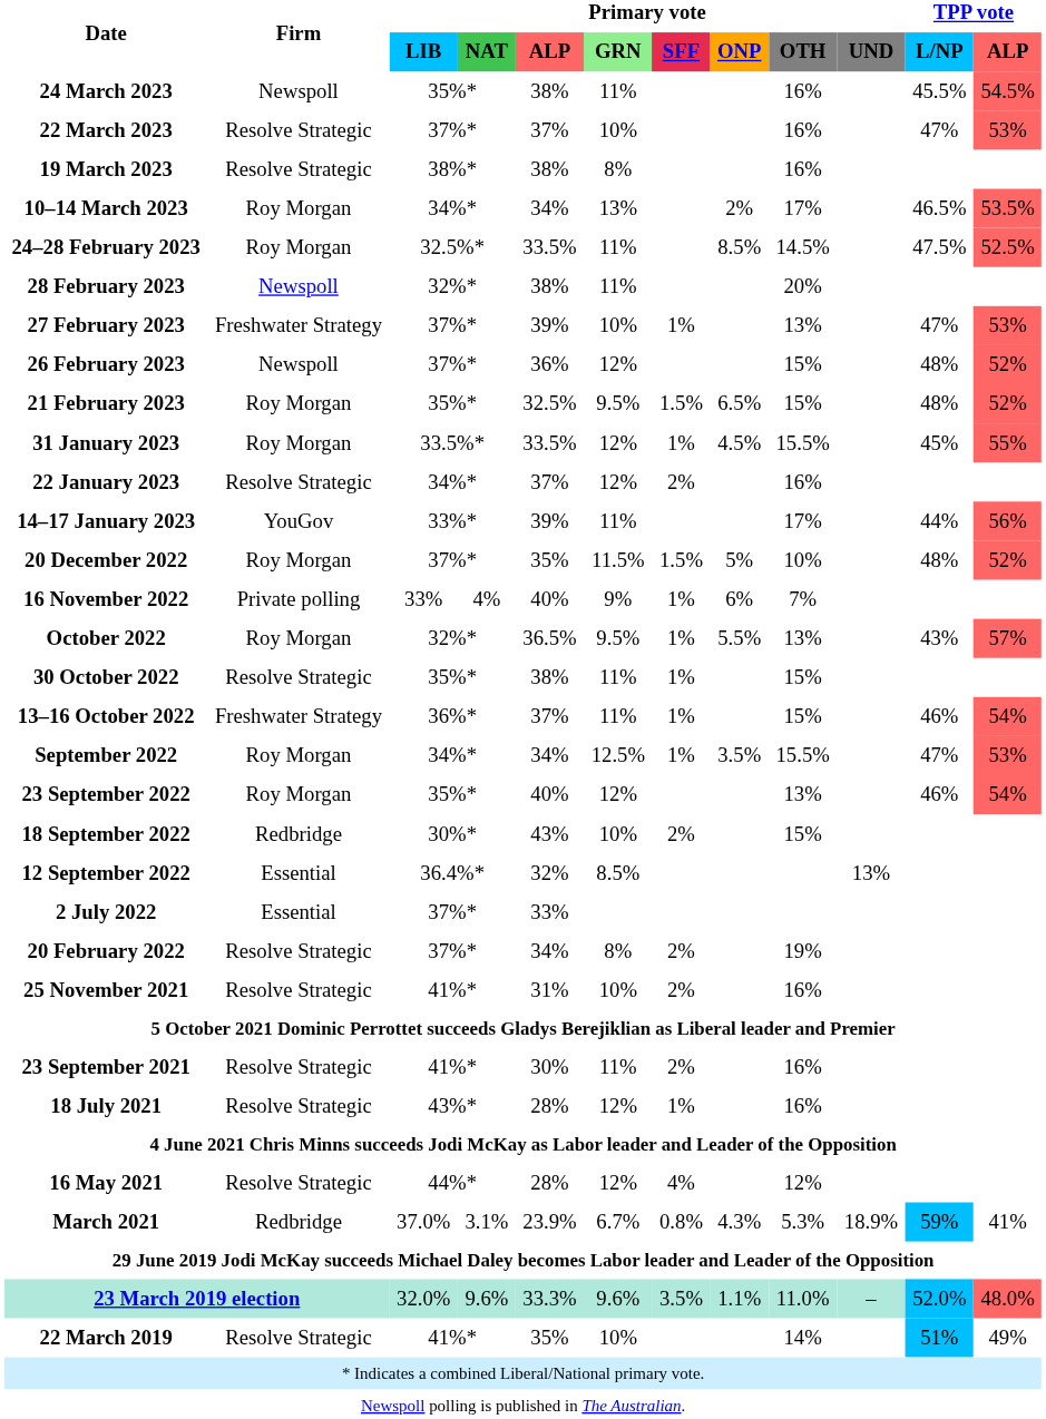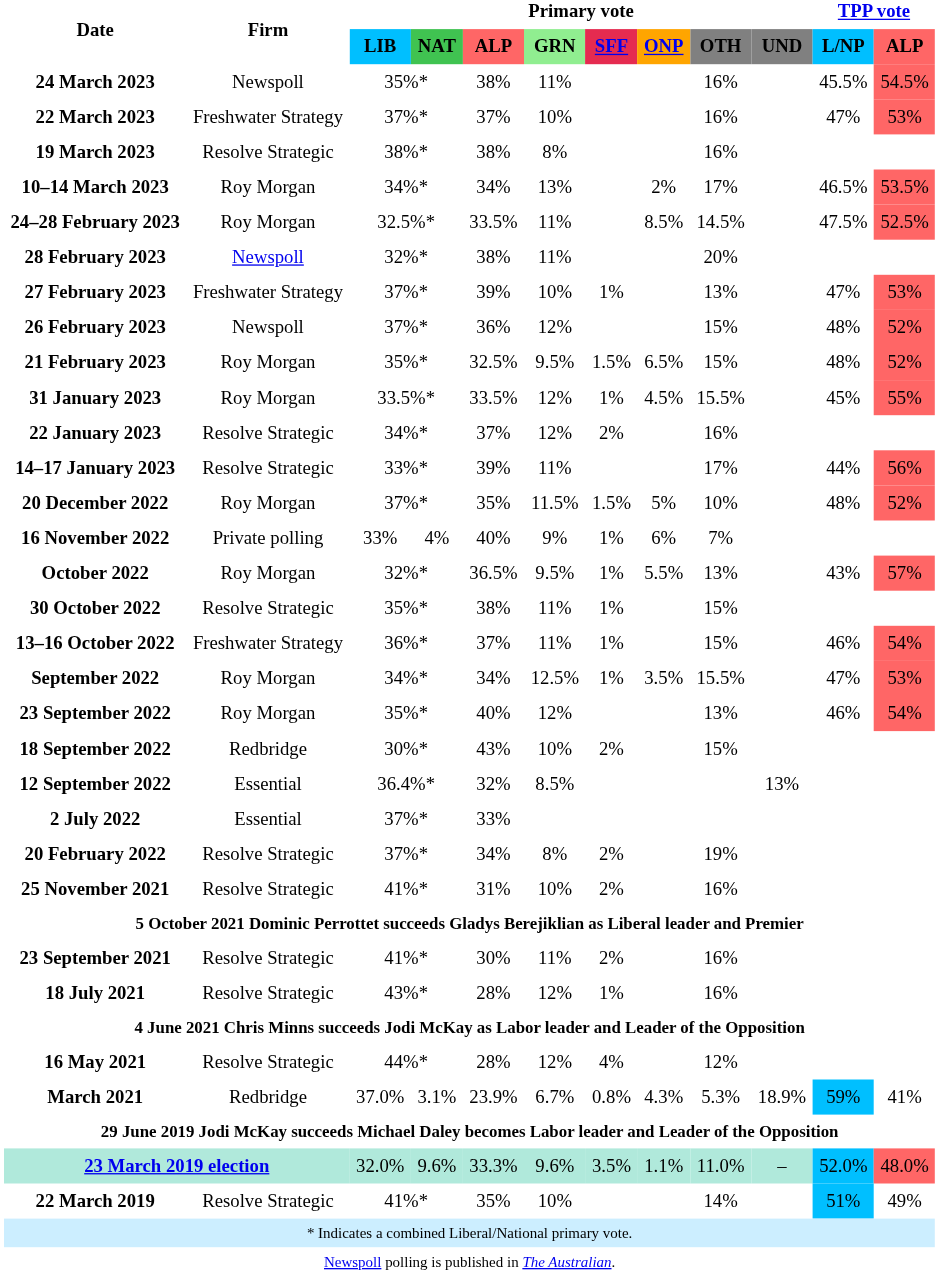 <table class="toccolours" cellpadding="5" cellspacing="0" style="text-align:center; margin-right:.5em; margin-top:.4em; font-size:90%;">
 <tr>
 <th rowspan="2">Date</th>
 <th rowspan="2">Firm</th>
 <th colspan="8">Primary vote</th>
 <th colspan="2"><a href='#'>TPP vote</a></th>
 </tr>
 <tr>
 <th style="background:#00bfff;">LIB</th>
 <th style="background:#40c351;">NAT</th>
 <th style="background:#f66;">ALP</th>
 <th style="background:#90ee90;">GRN</th>
 <th style="background:#E52B50;"><a href='#'>SFF</a></th>
 <th style="background:orange"><a href='#'>ONP</a></th>
 <th style="background:gray;">OTH</th>
 <th style="background:gray;">UND</th>
 <th style="background:#00bfff;">L/NP</th>
 <th style="background:#f66;">ALP</th>
 </tr>
 <tr>
 <th>24 March 2023</th>
 <td>Newspoll</td>
 <td colspan="2">35%*</td>
 <td>38%</td>
 <td>11%</td>
 <td></td>
 <td></td>
 <td>16%</td>
 <td></td>
 <td>45.5%</td>
 <td style="background:#f66;">54.5%</td>
 </tr>
 <tr>
 <th>22 March 2023</th>
-<td>Resolve Strategic</td>
+<td>Freshwater Strategy</td>
 <td colspan="2">37%*</td>
 <td>37%</td>
 <td>10%</td>
 <td></td>
 <td></td>
 <td>16%</td>
 <td></td>
 <td>47%</td>
 <td style="background:#f66;">53%</td>
 </tr>
 <tr>
 <th>19 March 2023</th>
 <td>Resolve Strategic</td>
 <td colspan="2">38%*</td>
 <td>38%</td>
 <td>8%</td>
 <td></td>
 <td></td>
 <td>16%</td>
 <td></td>
 <td></td>
 <td></td>
 </tr>
 <tr>
 <th>10–14 March 2023</th>
 <td>Roy Morgan</td>
 <td colspan="2">34%*</td>
 <td>34%</td>
 <td>13%</td>
 <td></td>
 <td>2%</td>
 <td>17%</td>
 <td></td>
 <td>46.5%</td>
 <td style="background:#f66;">53.5%</td>
 </tr>
 <tr>
 <th>24–28 February 2023</th>
 <td>Roy Morgan</td>
 <td colspan="2">32.5%*</td>
 <td>33.5%</td>
 <td>11%</td>
 <td></td>
 <td>8.5%</td>
 <td>14.5%</td>
 <td></td>
 <td>47.5%</td>
 <td style="background:#f66;">52.5%</td>
 </tr>
 <tr>
 <th>28 February 2023</th>
 <td><a href='#'>Newspoll</a></td>
 <td colspan="2">32%*</td>
 <td>38%</td>
 <td>11%</td>
 <td></td>
 <td></td>
 <td>20%</td>
 <td></td>
 <td></td>
 <td></td>
 </tr>
 <tr>
 <th>27 February 2023</th>
 <td>Freshwater Strategy</td>
 <td colspan="2">37%*</td>
 <td>39%</td>
 <td>10%</td>
 <td>1%</td>
 <td></td>
 <td>13%</td>
 <td></td>
 <td>47%</td>
 <td style="background:#f66;">53%</td>
 </tr>
 <tr>
 <th>26 February 2023</th>
 <td>Newspoll</td>
 <td colspan=2>37%*</td>
 <td>36%</td>
 <td>12%</td>
 <td></td>
 <td></td>
 <td>15%</td>
 <td></td>
 <td>48%</td>
 <td style="background:#f66;">52%</td>
 </tr>
 <tr>
 <th>21 February 2023</th>
 <td>Roy Morgan</td>
 <td colspan=2>35%*</td>
 <td>32.5%</td>
 <td>9.5%</td>
 <td>1.5%</td>
 <td>6.5%</td>
 <td>15%</td>
 <td></td>
 <td>48%</td>
 <td style="background:#f66;">52%</td>
 </tr>
 <tr>
 <th>31 January 2023</th>
 <td>Roy Morgan</td>
 <td colspan=2>33.5%*</td>
 <td>33.5%</td>
 <td>12%</td>
 <td>1%</td>
 <td>4.5%</td>
 <td>15.5%</td>
 <td></td>
 <td>45%</td>
 <td style="background:#f66;">55%</td>
 </tr>
 <tr>
 <th>22 January 2023</th>
 <td>Resolve Strategic</td>
 <td colspan="2">34%*</td>
 <td>37%</td>
 <td>12%</td>
 <td>2%</td>
 <td></td>
 <td>16%</td>
 <td></td>
 <td></td>
 <td></td>
 </tr>
 <tr>
 <th>14–17 January 2023</th>
-<td>YouGov</td>
+<td>Resolve Strategic</td>
 <td colspan="2">33%*</td>
 <td>39%</td>
 <td>11%</td>
 <td></td>
 <td></td>
 <td>17%</td>
 <td></td>
 <td>44%</td>
 <td style="background:#f66;">56%</td>
 </tr>
 <tr>
 <th>20 December 2022</th>
 <td>Roy Morgan</td>
 <td colspan=2>37%*</td>
 <td>35%</td>
 <td>11.5%</td>
 <td>1.5%</td>
 <td>5%</td>
 <td>10%</td>
 <td></td>
 <td>48%</td>
 <td style="background:#f66;">52%</td>
 </tr>
 <tr>
 <th>16 November 2022</th>
 <td>Private polling</td>
 <td>33%</td>
 <td>4%</td>
 <td>40%</td>
 <td>9%</td>
 <td>1%</td>
 <td>6%</td>
 <td>7%</td>
 <td></td>
 <td></td>
 <td></td>
 </tr>
 <tr>
 <th>October 2022</th>
 <td>Roy Morgan</td>
 <td colspan=2>32%*</td>
 <td>36.5%</td>
 <td>9.5%</td>
 <td>1%</td>
 <td>5.5%</td>
 <td>13%</td>
 <td></td>
 <td>43%</td>
 <td style="background:#f66;">57%</td>
 </tr>
 <tr>
 <th>30 October 2022</th>
 <td>Resolve Strategic</td>
 <td colspan="2">35%*</td>
 <td>38%</td>
 <td>11%</td>
 <td>1%</td>
 <td></td>
 <td>15%</td>
 <td></td>
 <td></td>
 <td></td>
 </tr>
 <tr>
 <th>13–16 October 2022</th>
 <td>Freshwater Strategy</td>
 <td colspan="2">36%*</td>
 <td>37%</td>
 <td>11%</td>
 <td>1%</td>
 <td></td>
 <td>15%</td>
 <td></td>
 <td>46%</td>
 <td style="background:#f66;">54%</td>
 </tr>
 <tr>
 <th>September 2022</th>
 <td>Roy Morgan</td>
 <td colspan=2>34%*</td>
 <td>34%</td>
 <td>12.5%</td>
 <td>1%</td>
 <td>3.5%</td>
 <td>15.5%</td>
 <td></td>
 <td>47%</td>
 <td style="background:#f66;">53%</td>
 </tr>
 <tr>
 <th>23 September 2022</th>
 <td>Roy Morgan</td>
 <td colspan="2">35%*</td>
 <td>40%</td>
 <td>12%</td>
 <td></td>
 <td></td>
 <td>13%</td>
 <td></td>
 <td>46%</td>
 <td style="background:#f66;">54%</td>
 </tr>
 <tr>
 <th>18 September 2022</th>
 <td>Redbridge</td>
 <td colspan="2">30%*</td>
 <td>43%</td>
 <td>10%</td>
 <td>2%</td>
 <td></td>
 <td>15%</td>
 <td></td>
 <td></td>
 <td></td>
 </tr>
 <tr>
 <th>12 September 2022</th>
 <td>Essential</td>
 <td colspan="2">36.4%*</td>
 <td>32%</td>
 <td>8.5%</td>
 <td></td>
 <td></td>
 <td></td>
 <td>13%</td>
 <td></td>
 <td></td>
 </tr>
 <tr>
 <th>2 July 2022</th>
 <td>Essential</td>
 <td colspan="2">37%*</td>
 <td>33%</td>
 <td></td>
 <td></td>
 <td></td>
 <td></td>
 <td></td>
 <td></td>
 <td></td>
 </tr>
 <tr>
 <th>20 February 2022</th>
 <td>Resolve Strategic</td>
 <td colspan="2">37%*</td>
 <td>34%</td>
 <td>8%</td>
 <td>2%</td>
 <td></td>
 <td>19%</td>
 <td></td>
 <td></td>
 <td></td>
 </tr>
 <tr>
 <th>25 November 2021</th>
 <td>Resolve Strategic</td>
 <td colspan="2">41%*</td>
 <td>31%</td>
 <td>10%</td>
 <td>2%</td>
 <td></td>
 <td>16%</td>
 <td></td>
 <td></td>
 <td></td>
 </tr>
 <tr>
 <th colspan="12" style="font-size:90%;">5 October 2021 Dominic Perrottet succeeds Gladys Berejiklian as Liberal leader and Premier</th>
 </tr>
 <tr>
 <th>23 September 2021</th>
 <td>Resolve Strategic</td>
 <td colspan="2">41%*</td>
 <td>30%</td>
 <td>11%</td>
 <td>2%</td>
 <td></td>
 <td>16%</td>
 <td></td>
 <td></td>
 <td></td>
 </tr>
 <tr>
 <th>18 July 2021</th>
 <td>Resolve Strategic</td>
 <td colspan="2">43%*</td>
 <td>28%</td>
 <td>12%</td>
 <td>1%</td>
 <td></td>
 <td>16%</td>
 <td></td>
 <td></td>
 <td></td>
 </tr>
 <tr>
 <th colspan="12" style="font-size:90%;">4 June 2021 Chris Minns succeeds Jodi McKay as Labor leader and Leader of the Opposition</th>
 </tr>
 <tr>
 <th>16 May 2021</th>
 <td>Resolve Strategic</td>
 <td colspan="2">44%*</td>
 <td>28%</td>
 <td>12%</td>
 <td>4%</td>
 <td></td>
 <td>12%</td>
 <td></td>
 <td></td>
 <td></td>
 </tr>
 <tr>
 <th>March 2021</th>
 <td>Redbridge</td>
 <td>37.0%</td>
 <td>3.1%</td>
 <td>23.9%</td>
 <td>6.7%</td>
 <td>0.8%</td>
 <td>4.3%</td>
 <td>5.3%</td>
 <td>18.9%</td>
 <td style="background:#00bfff;">59%</td>
 <td>41%</td>
 </tr>
 <tr>
 <th colspan="12"  style="font-size:90%;">29 June 2019 Jodi McKay succeeds Michael Daley becomes Labor leader and Leader of the Opposition</th>
 </tr>
 <tr>
 <th colspan="2" style="background:#b0e9db;"><a href='#'>23 March 2019 election</a></th>
 <td style="background:#b0e9db;">32.0%</td>
 <td style="background:#b0e9db;">9.6%</td>
 <td style="background:#b0e9db;">33.3%</td>
 <td style="background:#b0e9db;">9.6%</td>
 <td style="background:#b0e9db;">3.5%</td>
 <td style="background:#b0e9db;">1.1%</td>
 <td style="background:#b0e9db;">11.0%</td>
 <td style="background:#b0e9db;">–</td>
 <td style="background:#00bfff;">52.0%</td>
 <td style="background:#f66;">48.0%</td>
 </tr>
 <tr>
 <th>22 March 2019</th>
 <td>Resolve Strategic</td>
 <td colspan="2">41%*</td>
 <td>35%</td>
 <td>10%</td>
 <td></td>
 <td></td>
 <td>14%</td>
 <td></td>
 <td style="background:#00bfff;">51%</td>
 <td>49%</td>
 </tr>
 <tr>
 <td colspan="12"  style="font-size:80%; background:#cef;">* Indicates a combined Liberal/National primary vote.</td>
 </tr>
 <tr>
 <td colspan="12" style="font-size:80%;"><a href='#'>Newspoll</a> polling is published in <em><a href='#'>The Australian</a></em>.</td>
 </tr>
 <tr>
 <td colspan="12" style="font-size:80%;"></td>
 </tr>
 </table>
